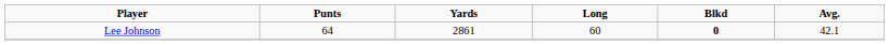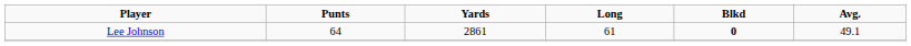 <table class="wikitable" width="80%">
 <tr align="center">
 <td><strong>Player</strong></td>
 <td><strong>Punts</strong></td>
 <td><strong>Yards</strong></td>
 <td><strong>Long</strong></td>
 <td><strong>Blkd</strong></td>
 <td><strong>Avg.</strong></td>
 </tr>
 <tr align="center" bgcolor="">
 <td><a href='#'>Lee Johnson</a></td>
 <td>64</td>
 <td>2861</td>
-<td>60</td>
+<td>61</td>
 <td><strong>0</strong></td>
-<td>42.1</td>
+<td>49.1</td>
 </tr>
 <tr align="center" bgcolor="">
 </tr>
 </table>
